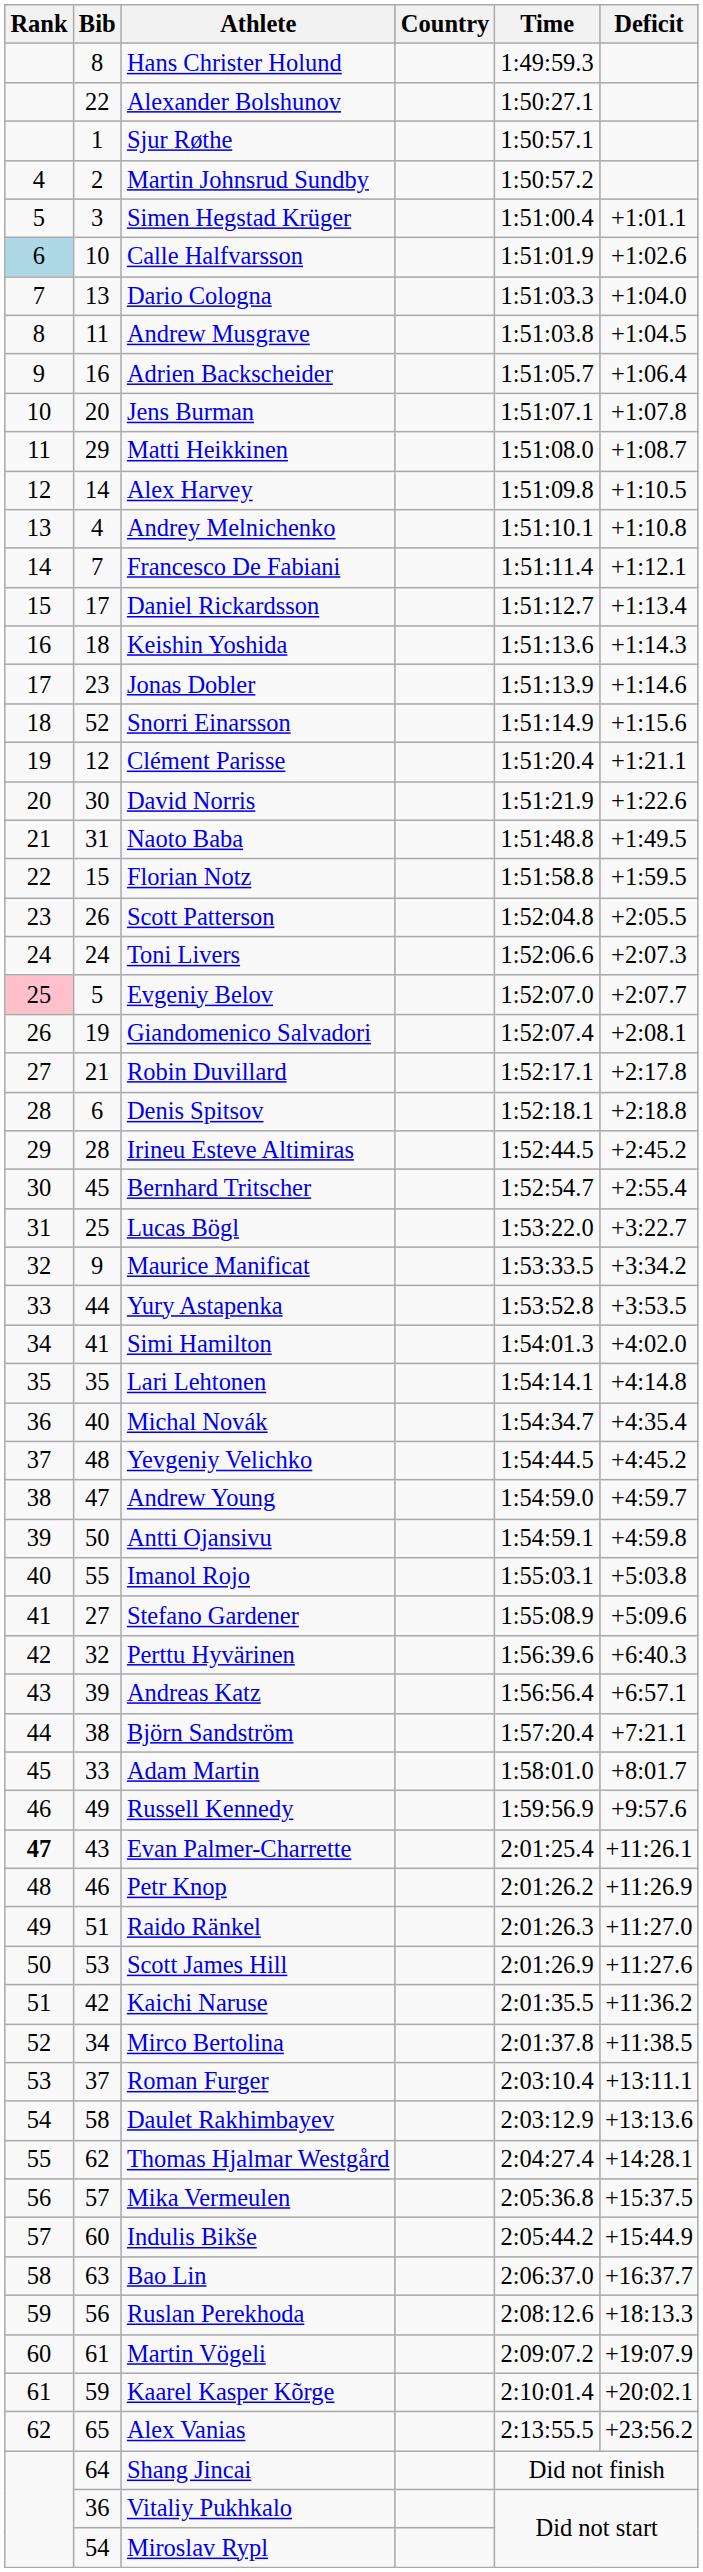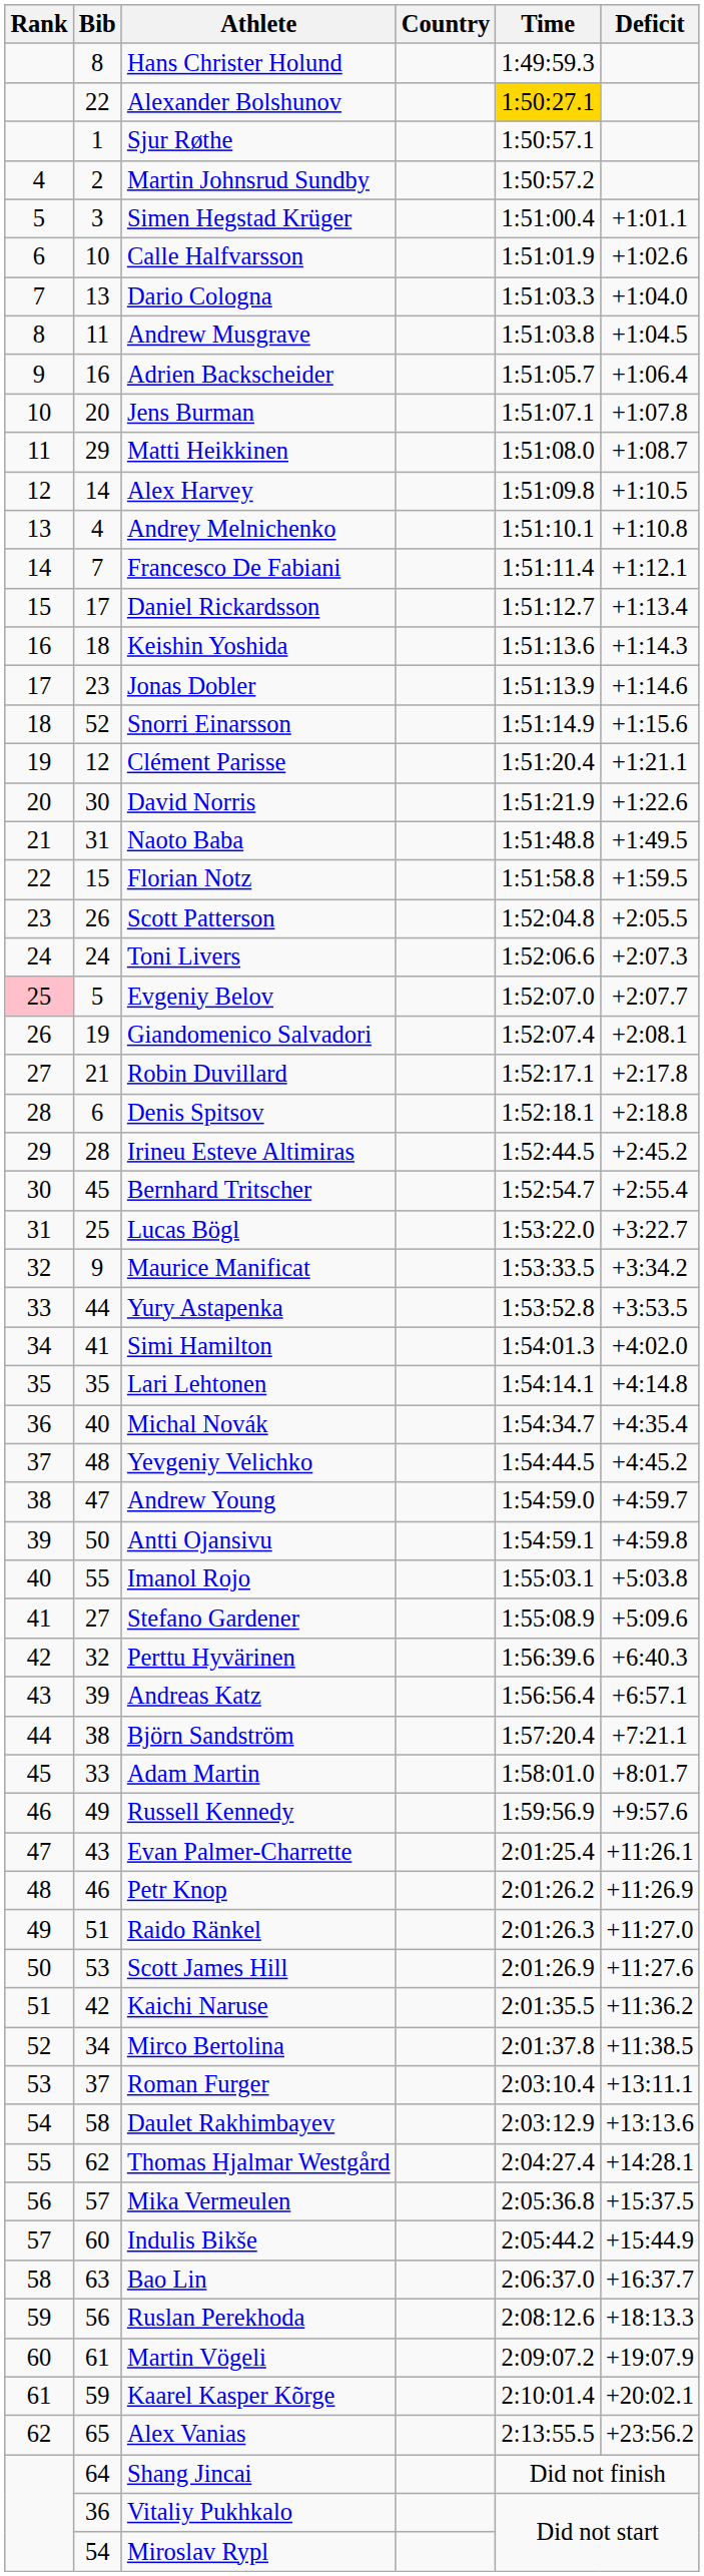 <table class="wikitable sortable" style="text-align:center">
 <tr>
 <th>Rank</th>
 <th>Bib</th>
 <th>Athlete</th>
 <th>Country</th>
 <th>Time</th>
 <th>Deficit</th>
 </tr>
 <tr>
 <td></td>
 <td>8</td>
 <td align=left><a href='#'>Hans Christer Holund</a></td>
 <td align=left></td>
 <td>1:49:59.3</td>
 <td></td>
 </tr>
 <tr>
 <td></td>
 <td>22</td>
 <td align=left><a href='#'>Alexander Bolshunov</a></td>
 <td align=left></td>
-<td>1:50:27.1</td>
+<td style="background: gold;">1:50:27.1</td>
 <td></td>
 </tr>
 <tr>
 <td></td>
 <td>1</td>
 <td align=left><a href='#'>Sjur Røthe</a></td>
 <td align=left></td>
 <td>1:50:57.1</td>
 <td></td>
 </tr>
 <tr>
 <td>4</td>
 <td>2</td>
 <td align=left><a href='#'>Martin Johnsrud Sundby</a></td>
 <td align=left></td>
 <td>1:50:57.2</td>
 <td></td>
 </tr>
 <tr>
 <td>5</td>
 <td>3</td>
 <td align=left><a href='#'>Simen Hegstad Krüger</a></td>
 <td align=left></td>
 <td>1:51:00.4</td>
 <td>+1:01.1</td>
 </tr>
 <tr>
-<td style="background: lightblue;">6</td>
+<td>6</td>
 <td>10</td>
 <td align=left><a href='#'>Calle Halfvarsson</a></td>
 <td align=left></td>
 <td>1:51:01.9</td>
 <td>+1:02.6</td>
 </tr>
 <tr>
 <td>7</td>
 <td>13</td>
 <td align=left><a href='#'>Dario Cologna</a></td>
 <td align=left></td>
 <td>1:51:03.3</td>
 <td>+1:04.0</td>
 </tr>
 <tr>
 <td>8</td>
 <td>11</td>
 <td align=left><a href='#'>Andrew Musgrave</a></td>
 <td align=left></td>
 <td>1:51:03.8</td>
 <td>+1:04.5</td>
 </tr>
 <tr>
 <td>9</td>
 <td>16</td>
 <td align=left><a href='#'>Adrien Backscheider</a></td>
 <td align=left></td>
 <td>1:51:05.7</td>
 <td>+1:06.4</td>
 </tr>
 <tr>
 <td>10</td>
 <td>20</td>
 <td align=left><a href='#'>Jens Burman</a></td>
 <td align=left></td>
 <td>1:51:07.1</td>
 <td>+1:07.8</td>
 </tr>
 <tr>
 <td>11</td>
 <td>29</td>
 <td align=left><a href='#'>Matti Heikkinen</a></td>
 <td align=left></td>
 <td>1:51:08.0</td>
 <td>+1:08.7</td>
 </tr>
 <tr>
 <td>12</td>
 <td>14</td>
 <td align=left><a href='#'>Alex Harvey</a></td>
 <td align=left></td>
 <td>1:51:09.8</td>
 <td>+1:10.5</td>
 </tr>
 <tr>
 <td>13</td>
 <td>4</td>
 <td align=left><a href='#'>Andrey Melnichenko</a></td>
 <td align=left></td>
 <td>1:51:10.1</td>
 <td>+1:10.8</td>
 </tr>
 <tr>
 <td>14</td>
 <td>7</td>
 <td align=left><a href='#'>Francesco De Fabiani</a></td>
 <td align=left></td>
 <td>1:51:11.4</td>
 <td>+1:12.1</td>
 </tr>
 <tr>
 <td>15</td>
 <td>17</td>
 <td align=left><a href='#'>Daniel Rickardsson</a></td>
 <td align=left></td>
 <td>1:51:12.7</td>
 <td>+1:13.4</td>
 </tr>
 <tr>
 <td>16</td>
 <td>18</td>
 <td align=left><a href='#'>Keishin Yoshida</a></td>
 <td align=left></td>
 <td>1:51:13.6</td>
 <td>+1:14.3</td>
 </tr>
 <tr>
 <td>17</td>
 <td>23</td>
 <td align=left><a href='#'>Jonas Dobler</a></td>
 <td align=left></td>
 <td>1:51:13.9</td>
 <td>+1:14.6</td>
 </tr>
 <tr>
 <td>18</td>
 <td>52</td>
 <td align=left><a href='#'>Snorri Einarsson</a></td>
 <td align=left></td>
 <td>1:51:14.9</td>
 <td>+1:15.6</td>
 </tr>
 <tr>
 <td>19</td>
 <td>12</td>
 <td align=left><a href='#'>Clément Parisse</a></td>
 <td align=left></td>
 <td>1:51:20.4</td>
 <td>+1:21.1</td>
 </tr>
 <tr>
 <td>20</td>
 <td>30</td>
 <td align=left><a href='#'>David Norris</a></td>
 <td align=left></td>
 <td>1:51:21.9</td>
 <td>+1:22.6</td>
 </tr>
 <tr>
 <td>21</td>
 <td>31</td>
 <td align=left><a href='#'>Naoto Baba</a></td>
 <td align=left></td>
 <td>1:51:48.8</td>
 <td>+1:49.5</td>
 </tr>
 <tr>
 <td>22</td>
 <td>15</td>
 <td align=left><a href='#'>Florian Notz</a></td>
 <td align=left></td>
 <td>1:51:58.8</td>
 <td>+1:59.5</td>
 </tr>
 <tr>
 <td>23</td>
 <td>26</td>
 <td align=left><a href='#'>Scott Patterson</a></td>
 <td align=left></td>
 <td>1:52:04.8</td>
 <td>+2:05.5</td>
 </tr>
 <tr>
 <td>24</td>
 <td>24</td>
 <td align=left><a href='#'>Toni Livers</a></td>
 <td align=left></td>
 <td>1:52:06.6</td>
 <td>+2:07.3</td>
 </tr>
 <tr>
 <td style="background: pink;">25</td>
 <td>5</td>
 <td align=left><a href='#'>Evgeniy Belov</a></td>
 <td align=left></td>
 <td>1:52:07.0</td>
 <td>+2:07.7</td>
 </tr>
 <tr>
 <td>26</td>
 <td>19</td>
 <td align=left><a href='#'>Giandomenico Salvadori</a></td>
 <td align=left></td>
 <td>1:52:07.4</td>
 <td>+2:08.1</td>
 </tr>
 <tr>
 <td>27</td>
 <td>21</td>
 <td align=left><a href='#'>Robin Duvillard</a></td>
 <td align=left></td>
 <td>1:52:17.1</td>
 <td>+2:17.8</td>
 </tr>
 <tr>
 <td>28</td>
 <td>6</td>
 <td align=left><a href='#'>Denis Spitsov</a></td>
 <td align=left></td>
 <td>1:52:18.1</td>
 <td>+2:18.8</td>
 </tr>
 <tr>
 <td>29</td>
 <td>28</td>
 <td align=left><a href='#'>Irineu Esteve Altimiras</a></td>
 <td align=left></td>
 <td>1:52:44.5</td>
 <td>+2:45.2</td>
 </tr>
 <tr>
 <td>30</td>
 <td>45</td>
 <td align=left><a href='#'>Bernhard Tritscher</a></td>
 <td align=left></td>
 <td>1:52:54.7</td>
 <td>+2:55.4</td>
 </tr>
 <tr>
 <td>31</td>
 <td>25</td>
 <td align=left><a href='#'>Lucas Bögl</a></td>
 <td align=left></td>
 <td>1:53:22.0</td>
 <td>+3:22.7</td>
 </tr>
 <tr>
 <td>32</td>
 <td>9</td>
 <td align=left><a href='#'>Maurice Manificat</a></td>
 <td align=left></td>
 <td>1:53:33.5</td>
 <td>+3:34.2</td>
 </tr>
 <tr>
 <td>33</td>
 <td>44</td>
 <td align=left><a href='#'>Yury Astapenka</a></td>
 <td align=left></td>
 <td>1:53:52.8</td>
 <td>+3:53.5</td>
 </tr>
 <tr>
 <td>34</td>
 <td>41</td>
 <td align=left><a href='#'>Simi Hamilton</a></td>
 <td align=left></td>
 <td>1:54:01.3</td>
 <td>+4:02.0</td>
 </tr>
 <tr>
 <td>35</td>
 <td>35</td>
 <td align=left><a href='#'>Lari Lehtonen</a></td>
 <td align=left></td>
 <td>1:54:14.1</td>
 <td>+4:14.8</td>
 </tr>
 <tr>
 <td>36</td>
 <td>40</td>
 <td align=left><a href='#'>Michal Novák</a></td>
 <td align=left></td>
 <td>1:54:34.7</td>
 <td>+4:35.4</td>
 </tr>
 <tr>
 <td>37</td>
 <td>48</td>
 <td align=left><a href='#'>Yevgeniy Velichko</a></td>
 <td align=left></td>
 <td>1:54:44.5</td>
 <td>+4:45.2</td>
 </tr>
 <tr>
 <td>38</td>
 <td>47</td>
 <td align=left><a href='#'>Andrew Young</a></td>
 <td align=left></td>
 <td>1:54:59.0</td>
 <td>+4:59.7</td>
 </tr>
 <tr>
 <td>39</td>
 <td>50</td>
 <td align=left><a href='#'>Antti Ojansivu</a></td>
 <td align=left></td>
 <td>1:54:59.1</td>
 <td>+4:59.8</td>
 </tr>
 <tr>
 <td>40</td>
 <td>55</td>
 <td align=left><a href='#'>Imanol Rojo</a></td>
 <td align=left></td>
 <td>1:55:03.1</td>
 <td>+5:03.8</td>
 </tr>
 <tr>
 <td>41</td>
 <td>27</td>
 <td align=left><a href='#'>Stefano Gardener</a></td>
 <td align=left></td>
 <td>1:55:08.9</td>
 <td>+5:09.6</td>
 </tr>
 <tr>
 <td>42</td>
 <td>32</td>
 <td align=left><a href='#'>Perttu Hyvärinen</a></td>
 <td align=left></td>
 <td>1:56:39.6</td>
 <td>+6:40.3</td>
 </tr>
 <tr>
 <td>43</td>
 <td>39</td>
 <td align=left><a href='#'>Andreas Katz</a></td>
 <td align=left></td>
 <td>1:56:56.4</td>
 <td>+6:57.1</td>
 </tr>
 <tr>
 <td>44</td>
 <td>38</td>
 <td align=left><a href='#'>Björn Sandström</a></td>
 <td align=left></td>
 <td>1:57:20.4</td>
 <td>+7:21.1</td>
 </tr>
 <tr>
 <td>45</td>
 <td>33</td>
 <td align=left><a href='#'>Adam Martin</a></td>
 <td align=left></td>
 <td>1:58:01.0</td>
 <td>+8:01.7</td>
 </tr>
 <tr>
 <td>46</td>
 <td>49</td>
 <td align=left><a href='#'>Russell Kennedy</a></td>
 <td align=left></td>
 <td>1:59:56.9</td>
 <td>+9:57.6</td>
 </tr>
 <tr>
-<td><strong>47</strong></td>
+<td>47</td>
 <td>43</td>
 <td align=left><a href='#'>Evan Palmer-Charrette</a></td>
 <td align=left></td>
 <td>2:01:25.4</td>
 <td>+11:26.1</td>
 </tr>
 <tr>
 <td>48</td>
 <td>46</td>
 <td align=left><a href='#'>Petr Knop</a></td>
 <td align=left></td>
 <td>2:01:26.2</td>
 <td>+11:26.9</td>
 </tr>
 <tr>
 <td>49</td>
 <td>51</td>
 <td align=left><a href='#'>Raido Ränkel</a></td>
 <td align=left></td>
 <td>2:01:26.3</td>
 <td>+11:27.0</td>
 </tr>
 <tr>
 <td>50</td>
 <td>53</td>
 <td align=left><a href='#'>Scott James Hill</a></td>
 <td align=left></td>
 <td>2:01:26.9</td>
 <td>+11:27.6</td>
 </tr>
 <tr>
 <td>51</td>
 <td>42</td>
 <td align=left><a href='#'>Kaichi Naruse</a></td>
 <td align=left></td>
 <td>2:01:35.5</td>
 <td>+11:36.2</td>
 </tr>
 <tr>
 <td>52</td>
 <td>34</td>
 <td align=left><a href='#'>Mirco Bertolina</a></td>
 <td align=left></td>
 <td>2:01:37.8</td>
 <td>+11:38.5</td>
 </tr>
 <tr>
 <td>53</td>
 <td>37</td>
 <td align=left><a href='#'>Roman Furger</a></td>
 <td align=left></td>
 <td>2:03:10.4</td>
 <td>+13:11.1</td>
 </tr>
 <tr>
 <td>54</td>
 <td>58</td>
 <td align=left><a href='#'>Daulet Rakhimbayev</a></td>
 <td align=left></td>
 <td>2:03:12.9</td>
 <td>+13:13.6</td>
 </tr>
 <tr>
 <td>55</td>
 <td>62</td>
 <td align=left><a href='#'>Thomas Hjalmar Westgård</a></td>
 <td align=left></td>
 <td>2:04:27.4</td>
 <td>+14:28.1</td>
 </tr>
 <tr>
 <td>56</td>
 <td>57</td>
 <td align=left><a href='#'>Mika Vermeulen</a></td>
 <td align=left></td>
 <td>2:05:36.8</td>
 <td>+15:37.5</td>
 </tr>
 <tr>
 <td>57</td>
 <td>60</td>
 <td align=left><a href='#'>Indulis Bikše</a></td>
 <td align=left></td>
 <td>2:05:44.2</td>
 <td>+15:44.9</td>
 </tr>
 <tr>
 <td>58</td>
 <td>63</td>
 <td align=left><a href='#'>Bao Lin</a></td>
 <td align=left></td>
 <td>2:06:37.0</td>
 <td>+16:37.7</td>
 </tr>
 <tr>
 <td>59</td>
 <td>56</td>
 <td align=left><a href='#'>Ruslan Perekhoda</a></td>
 <td align=left></td>
 <td>2:08:12.6</td>
 <td>+18:13.3</td>
 </tr>
 <tr>
 <td>60</td>
 <td>61</td>
 <td align=left><a href='#'>Martin Vögeli</a></td>
 <td align=left></td>
 <td>2:09:07.2</td>
 <td>+19:07.9</td>
 </tr>
 <tr>
 <td>61</td>
 <td>59</td>
 <td align=left><a href='#'>Kaarel Kasper Kõrge</a></td>
 <td align=left></td>
 <td>2:10:01.4</td>
 <td>+20:02.1</td>
 </tr>
 <tr>
 <td>62</td>
 <td>65</td>
 <td align=left><a href='#'>Alex Vanias</a></td>
 <td align=left></td>
 <td>2:13:55.5</td>
 <td>+23:56.2</td>
 </tr>
 <tr>
 <td rowspan=3></td>
 <td>64</td>
 <td align=left><a href='#'>Shang Jincai</a></td>
 <td align=left></td>
 <td colspan=2>Did not finish</td>
 </tr>
 <tr>
 <td>36</td>
 <td align=left><a href='#'>Vitaliy Pukhkalo</a></td>
 <td align=left></td>
 <td rowspan=2 colspan=2>Did not start</td>
 </tr>
 <tr>
 <td>54</td>
 <td align=left><a href='#'>Miroslav Rypl</a></td>
 <td align=left></td>
 </tr>
 </table>
